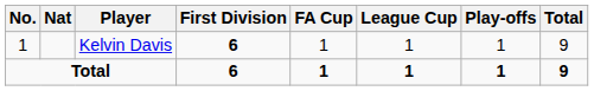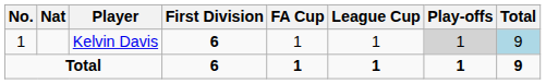 <table class="wikitable" style="text-align:center">
 <tr>
 <th width=0%>No.</th>
 <th width=0%>Nat</th>
 <th width=0%>Player</th>
 <th width=0%>First Division</th>
 <th width=0%>FA Cup</th>
 <th width=0%>League Cup</th>
 <th width=0%>Play-offs</th>
 <th width=0%>Total</th>
 </tr>
 <tr>
 <td>1</td>
 <td></td>
 <td><a href='#'>Kelvin Davis</a></td>
 <td><strong>6</strong></td>
 <td>1</td>
 <td>1</td>
-<td>1</td>
-<td>9</td>
+<td style="background: lightgrey;">1</td>
+<td style="background: lightblue;">9</td>
 </tr>
 <tr>
 <td colspan=3><strong>Total</strong></td>
 <td><strong>6</strong></td>
 <td><strong>1</strong></td>
 <td><strong>1</strong></td>
 <td><strong>1</strong></td>
 <td><strong>9</strong></td>
 </tr>
 </table>
